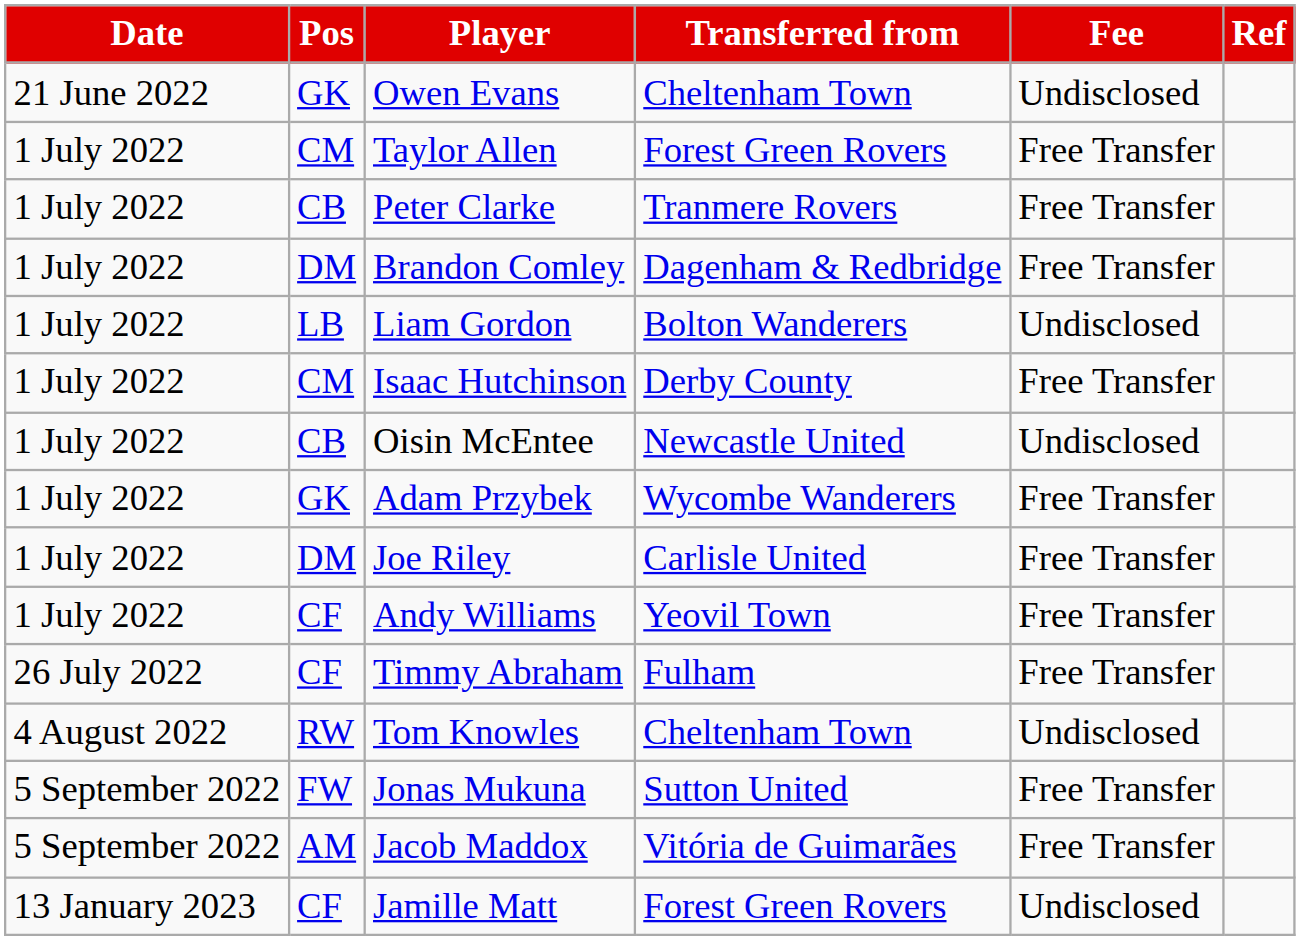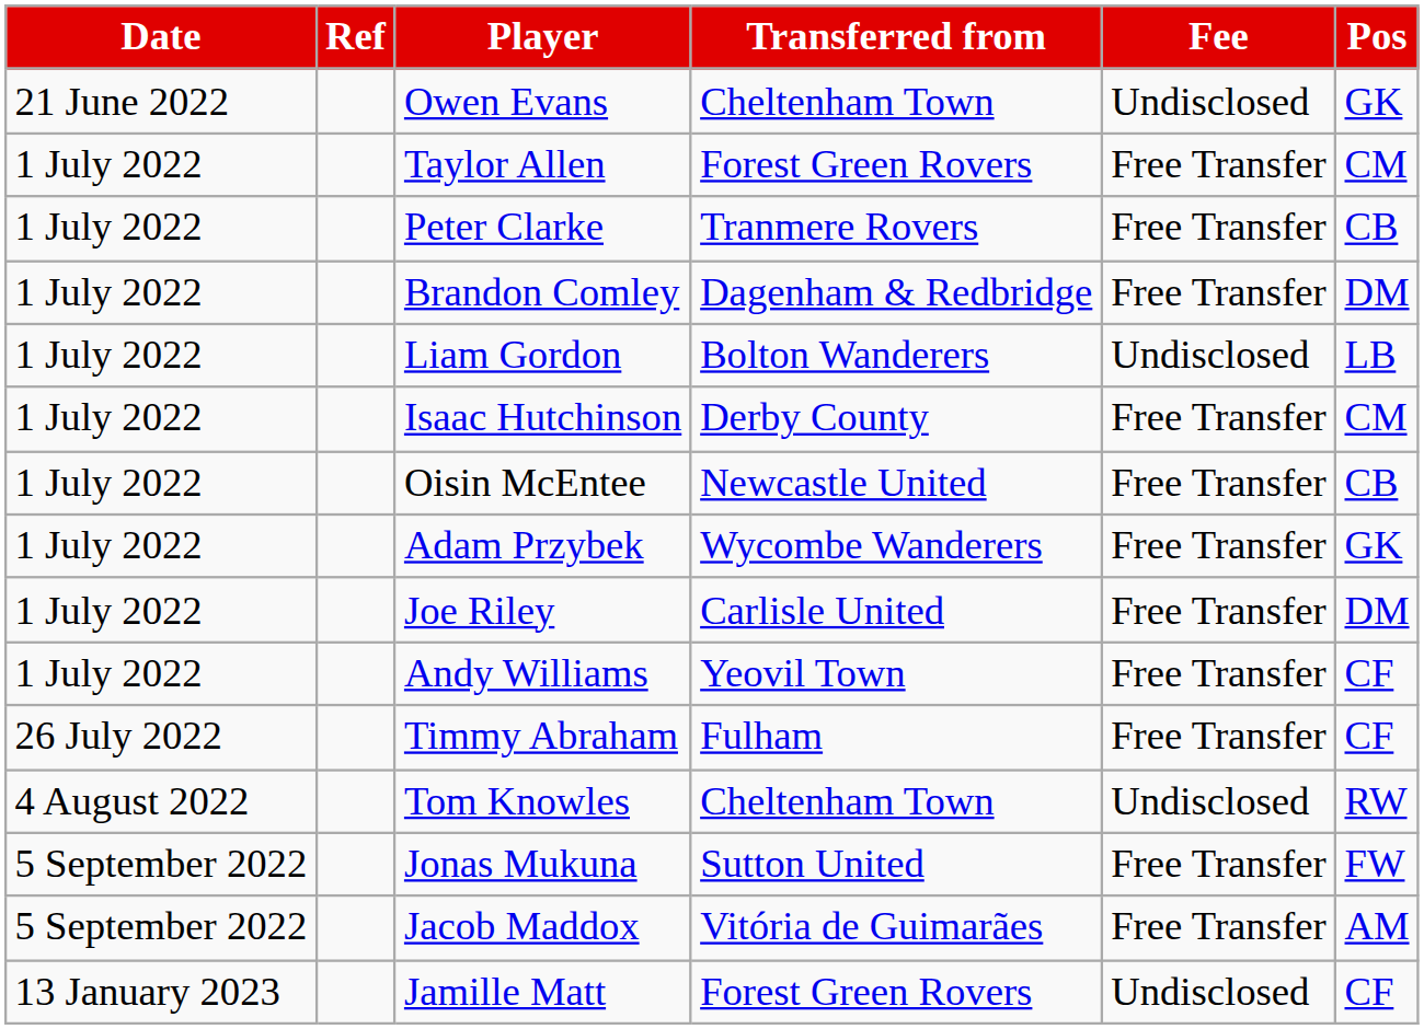 <table class="wikitable plainrowheaders sortable">
 <tr>
 <th style="background:#E00000; color:#FFFFFF; ">Date</th>
-<th style="background:#E00000; color:#FFFFFF; ">Pos</th>
+<th style="background:#E00000; color:#FFFFFF; ">Ref</th>
 <th style="background:#E00000; color:#FFFFFF; ">Player</th>
 <th style="background:#E00000; color:#FFFFFF; ">Transferred from</th>
 <th style="background:#E00000; color:#FFFFFF; ">Fee</th>
-<th style="background:#E00000; color:#FFFFFF; ">Ref</th>
+<th style="background:#E00000; color:#FFFFFF; ">Pos</th>
 </tr>
 <tr>
 <td>21 June 2022</td>
-<td><a href='#'>GK</a></td>
+<td></td>
 <td> <a href='#'>Owen Evans</a></td>
 <td> <a href='#'>Cheltenham Town</a></td>
 <td>Undisclosed</td>
-<td></td>
+<td><a href='#'>GK</a></td>
 </tr>
 <tr>
 <td>1 July 2022</td>
-<td><a href='#'>CM</a></td>
+<td></td>
 <td> <a href='#'>Taylor Allen</a></td>
 <td> <a href='#'>Forest Green Rovers</a></td>
 <td>Free Transfer</td>
-<td></td>
+<td><a href='#'>CM</a></td>
 </tr>
 <tr>
 <td>1 July 2022</td>
-<td><a href='#'>CB</a></td>
+<td></td>
 <td> <a href='#'>Peter Clarke</a></td>
 <td> <a href='#'>Tranmere Rovers</a></td>
 <td>Free Transfer</td>
-<td></td>
+<td><a href='#'>CB</a></td>
 </tr>
 <tr>
 <td>1 July 2022</td>
-<td><a href='#'>DM</a></td>
+<td></td>
 <td> <a href='#'>Brandon Comley</a></td>
 <td> <a href='#'>Dagenham & Redbridge</a></td>
 <td>Free Transfer</td>
-<td></td>
+<td><a href='#'>DM</a></td>
 </tr>
 <tr>
 <td>1 July 2022</td>
-<td><a href='#'>LB</a></td>
+<td></td>
 <td> <a href='#'>Liam Gordon</a></td>
 <td> <a href='#'>Bolton Wanderers</a></td>
 <td>Undisclosed</td>
-<td></td>
+<td><a href='#'>LB</a></td>
 </tr>
 <tr>
 <td>1 July 2022</td>
-<td><a href='#'>CM</a></td>
+<td></td>
 <td> <a href='#'>Isaac Hutchinson</a></td>
 <td> <a href='#'>Derby County</a></td>
 <td>Free Transfer</td>
-<td></td>
+<td><a href='#'>CM</a></td>
 </tr>
 <tr>
 <td>1 July 2022</td>
-<td><a href='#'>CB</a></td>
+<td></td>
 <td> Oisin McEntee</td>
 <td> <a href='#'>Newcastle United</a></td>
-<td>Undisclosed</td>
-<td></td>
+<td>Free Transfer</td>
+<td><a href='#'>CB</a></td>
 </tr>
 <tr>
 <td>1 July 2022</td>
-<td><a href='#'>GK</a></td>
+<td></td>
 <td> <a href='#'>Adam Przybek</a></td>
 <td> <a href='#'>Wycombe Wanderers</a></td>
 <td>Free Transfer</td>
-<td></td>
+<td><a href='#'>GK</a></td>
 </tr>
 <tr>
 <td>1 July 2022</td>
-<td><a href='#'>DM</a></td>
+<td></td>
 <td> <a href='#'>Joe Riley</a></td>
 <td> <a href='#'>Carlisle United</a></td>
 <td>Free Transfer</td>
-<td></td>
+<td><a href='#'>DM</a></td>
 </tr>
 <tr>
 <td>1 July 2022</td>
-<td><a href='#'>CF</a></td>
+<td></td>
 <td> <a href='#'>Andy Williams</a></td>
 <td> <a href='#'>Yeovil Town</a></td>
 <td>Free Transfer</td>
-<td></td>
+<td><a href='#'>CF</a></td>
 </tr>
 <tr>
 <td>26 July 2022</td>
-<td><a href='#'>CF</a></td>
+<td></td>
 <td> <a href='#'>Timmy Abraham</a></td>
 <td> <a href='#'>Fulham</a></td>
 <td>Free Transfer</td>
-<td></td>
+<td><a href='#'>CF</a></td>
 </tr>
 <tr>
 <td>4 August 2022</td>
-<td><a href='#'>RW</a></td>
+<td></td>
 <td> <a href='#'>Tom Knowles</a></td>
 <td> <a href='#'>Cheltenham Town</a></td>
 <td>Undisclosed</td>
-<td></td>
+<td><a href='#'>RW</a></td>
 </tr>
 <tr>
 <td>5 September 2022</td>
-<td><a href='#'>FW</a></td>
+<td></td>
 <td> <a href='#'>Jonas Mukuna</a></td>
 <td> <a href='#'>Sutton United</a></td>
 <td>Free Transfer</td>
-<td></td>
+<td><a href='#'>FW</a></td>
 </tr>
 <tr>
 <td>5 September 2022</td>
-<td><a href='#'>AM</a></td>
+<td></td>
 <td> <a href='#'>Jacob Maddox</a></td>
 <td> <a href='#'>Vitória de Guimarães</a></td>
 <td>Free Transfer</td>
-<td></td>
+<td><a href='#'>AM</a></td>
 </tr>
 <tr>
 <td>13 January 2023</td>
-<td><a href='#'>CF</a></td>
+<td></td>
 <td> <a href='#'>Jamille Matt</a></td>
 <td> <a href='#'>Forest Green Rovers</a></td>
 <td>Undisclosed</td>
-<td></td>
+<td><a href='#'>CF</a></td>
 </tr>
 </table>
